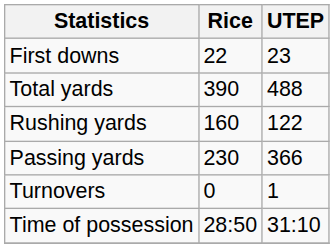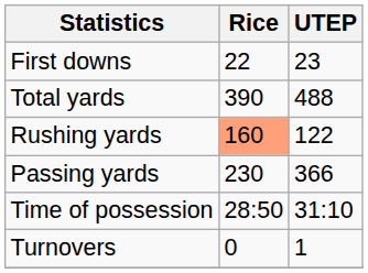 <table class="wikitable">
 <tr>
 <th>Statistics</th>
 <th>Rice</th>
 <th>UTEP</th>
 </tr>
 <tr>
 <td>First downs</td>
 <td>22</td>
 <td>23</td>
 </tr>
 <tr>
 <td>Total yards</td>
 <td>390</td>
 <td>488</td>
 </tr>
 <tr>
 <td>Rushing yards</td>
-<td>160</td>
+<td style="background: lightsalmon;">160</td>
 <td>122</td>
 </tr>
 <tr>
 <td>Passing yards</td>
 <td>230</td>
 <td>366</td>
 </tr>
 <tr>
+<td>Time of possession</td>
+<td>28:50</td>
+<td>31:10</td>
+</tr>
+<tr>
 <td>Turnovers</td>
 <td>0</td>
 <td>1</td>
 </tr>
 <tr>
-<td>Time of possession</td>
-<td>28:50</td>
-<td>31:10</td>
-</tr>
-<tr>
 </tr>
 </table>
